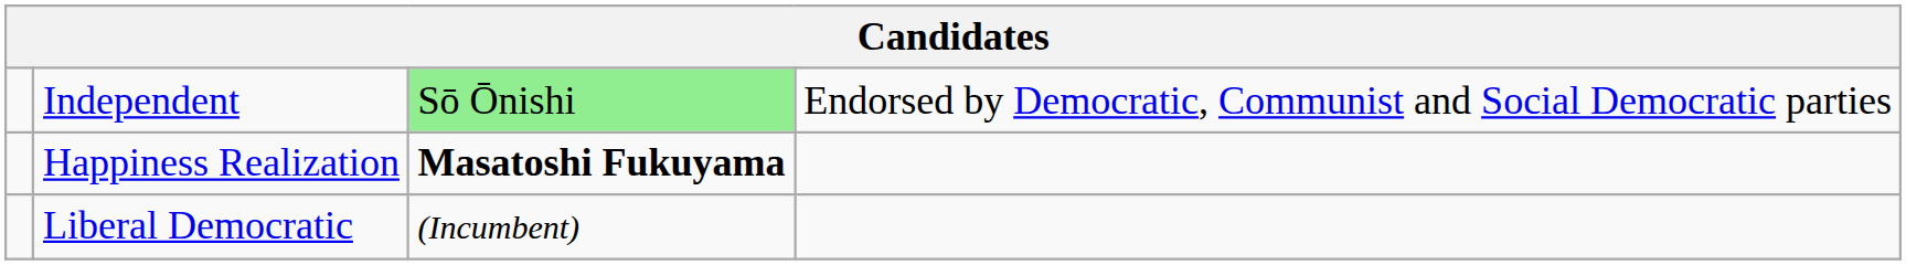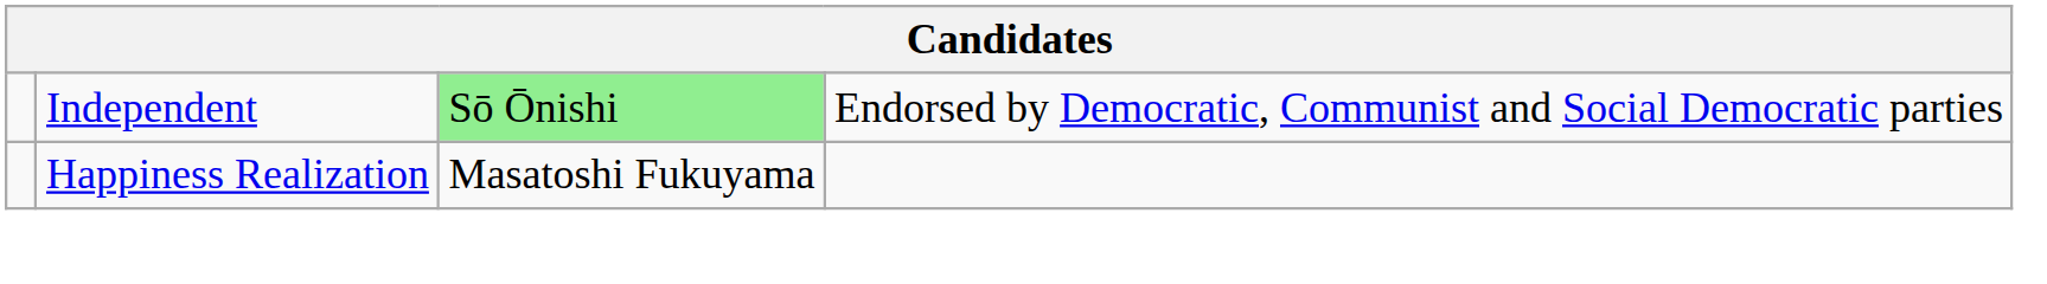 <table class="wikitable">
 <tr>
 <th colspan=4>Candidates</th>
 </tr>
 <tr>
 <td style="background:"> </td>
 <td><a href='#'>Independent</a></td>
 <td style="background: lightgreen;">Sō Ōnishi</td>
 <td>Endorsed by <a href='#'>Democratic</a>, <a href='#'>Communist</a> and <a href='#'>Social Democratic</a> parties</td>
 </tr>
 <tr>
 <td style="background:"> </td>
 <td><a href='#'>Happiness Realization</a></td>
-<td><strong>Masatoshi Fukuyama</strong></td>
-<td></td>
-</tr>
-<tr>
-<td style="background:"> </td>
-<td><a href='#'>Liberal Democratic</a></td>
-<td> <small><em>(Incumbent)</em></small></td>
+<td>Masatoshi Fukuyama</td>
 <td></td>
 </tr>
 </table>
